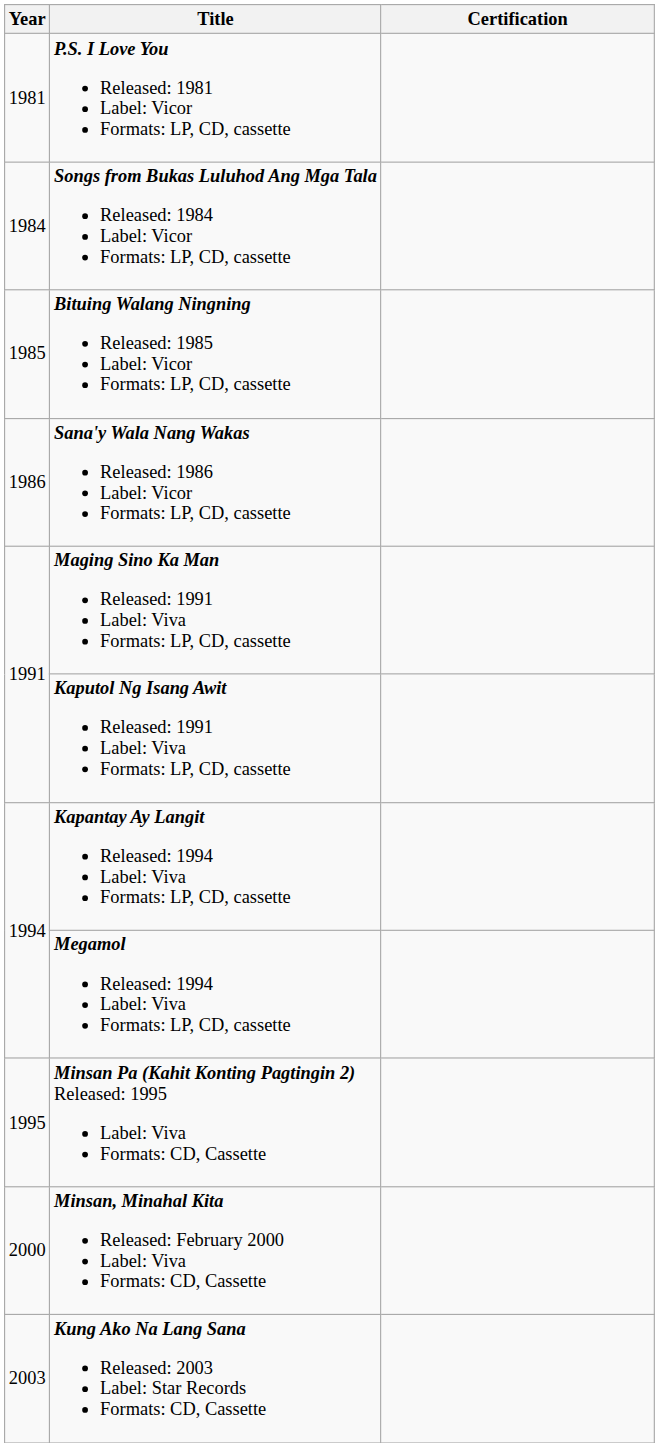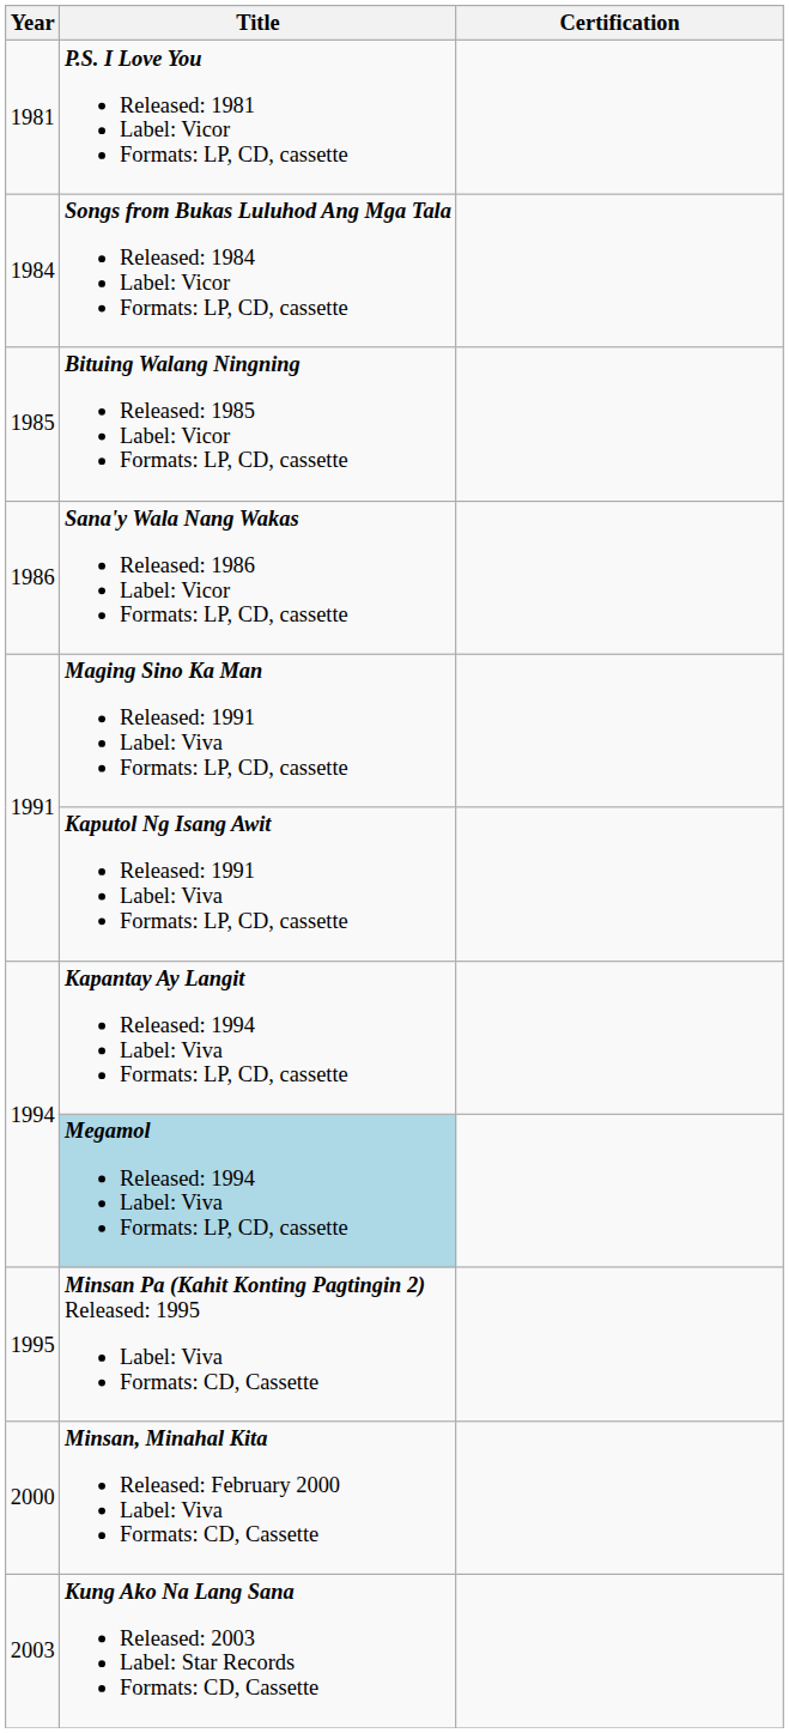 <table class="wikitable">
 <tr>
 <th>Year</th>
 <th>Title</th>
 <th width=230>Certification</th>
 </tr>
 <tr>
 <td>1981</td>
 <td><strong><em>P.S. I Love You</em></strong><br><ul><li>Released: 1981</li><li>Label: Vicor</li><li>Formats: LP, CD, cassette</li></ul></td>
 <td></td>
 </tr>
 <tr>
 <td>1984</td>
 <td><strong><em>Songs from Bukas Luluhod Ang Mga Tala</em></strong><br><ul><li>Released: 1984</li><li>Label: Vicor</li><li>Formats: LP, CD, cassette</li></ul></td>
 <td></td>
 </tr>
 <tr>
 <td>1985</td>
 <td><strong><em>Bituing Walang Ningning</em></strong><br><ul><li>Released: 1985</li><li>Label: Vicor</li><li>Formats: LP, CD, cassette</li></ul></td>
 <td></td>
 </tr>
 <tr>
 <td>1986</td>
 <td><strong><em>Sana'y Wala Nang Wakas</em></strong><br><ul><li>Released: 1986</li><li>Label: Vicor</li><li>Formats: LP, CD, cassette</li></ul></td>
 <td></td>
 </tr>
 <tr>
 <td rowspan="2">1991</td>
 <td><strong><em>Maging Sino Ka Man</em></strong><br><ul><li>Released: 1991</li><li>Label: Viva</li><li>Formats: LP, CD, cassette</li></ul></td>
 <td></td>
 </tr>
 <tr>
 <td><strong><em>Kaputol Ng Isang Awit</em></strong><br><ul><li>Released: 1991</li><li>Label: Viva</li><li>Formats: LP, CD, cassette</li></ul></td>
 <td></td>
 </tr>
 <tr>
 <td rowspan="2">1994</td>
 <td><strong><em>Kapantay Ay Langit</em></strong><br><ul><li>Released: 1994</li><li>Label: Viva</li><li>Formats: LP, CD, cassette</li></ul></td>
 <td></td>
 </tr>
 <tr>
-<td><strong><em>Megamol</em></strong><br><ul><li>Released: 1994</li><li>Label: Viva</li><li>Formats: LP, CD, cassette</li></ul></td>
+<td style="background: lightblue;"><strong><em>Megamol</em></strong><br><ul><li>Released: 1994</li><li>Label: Viva</li><li>Formats: LP, CD, cassette</li></ul></td>
 <td></td>
 </tr>
 <tr>
 <td>1995</td>
 <td><strong><em>Minsan Pa (Kahit Konting Pagtingin 2)</em></strong><br>Released: 1995<ul><li>Label: Viva</li><li>Formats: CD, Cassette</li></ul></td>
 <td></td>
 </tr>
 <tr>
 <td>2000</td>
 <td><strong><em>Minsan, Minahal Kita</em></strong><br><ul><li>Released: February 2000</li><li>Label: Viva</li><li>Formats: CD, Cassette</li></ul></td>
 <td></td>
 </tr>
 <tr>
 <td>2003</td>
 <td><strong><em>Kung Ako Na Lang Sana</em></strong><br><ul><li>Released: 2003</li><li>Label: Star Records</li><li>Formats: CD, Cassette</li></ul></td>
 <td></td>
 </tr>
 <tr>
 </tr>
 </table>
